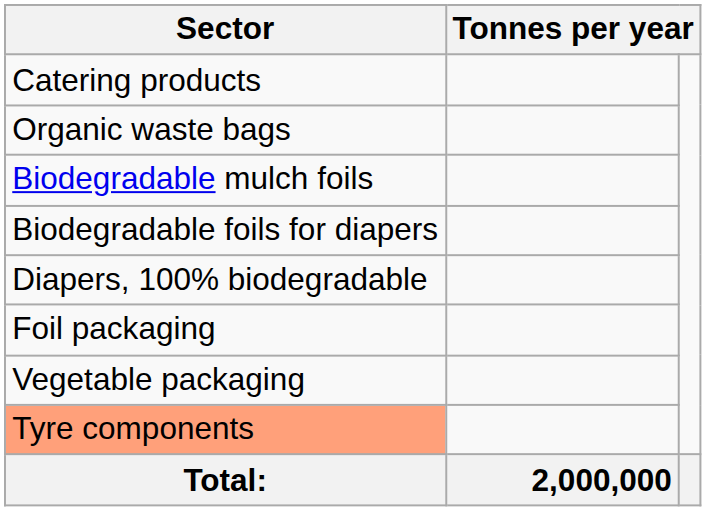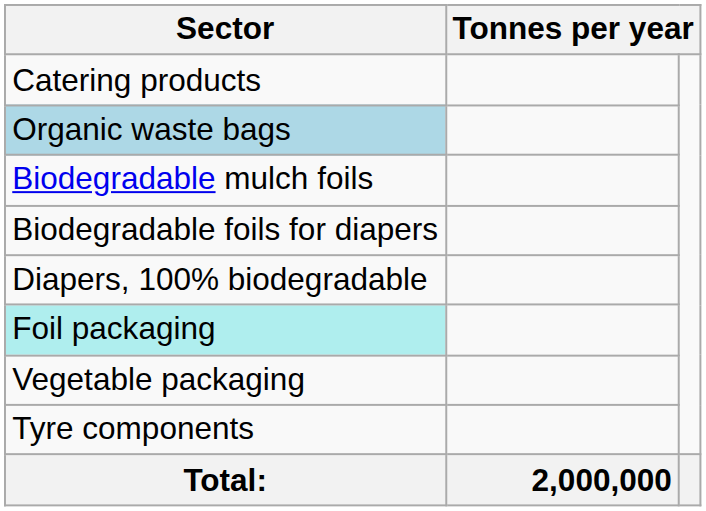 <table class="wikitable">
 <tr>
 <th>Sector</th>
 <th colspan="2">Tonnes per year</th>
 </tr>
 <tr>
 <td>Catering products</td>
 <td style="text-align:right;"></td>
 </tr>
 <tr>
-<td>Organic waste bags</td>
+<td style="background: lightblue;">Organic waste bags</td>
 <td style="text-align:right;"></td>
 </tr>
 <tr>
 <td><a href='#'>Biodegradable</a> mulch foils</td>
 <td style="text-align:right;"></td>
 </tr>
 <tr>
 <td>Biodegradable foils for diapers</td>
 <td style="text-align:right;"></td>
 </tr>
 <tr>
 <td>Diapers, 100% biodegradable</td>
 <td style="text-align:right;"></td>
 </tr>
 <tr>
-<td>Foil packaging</td>
+<td style="background: paleturquoise;">Foil packaging</td>
 <td style="text-align:right;"></td>
 </tr>
 <tr>
 <td>Vegetable packaging</td>
 <td style="text-align:right;"></td>
 </tr>
 <tr>
-<td style="background: lightsalmon;">Tyre components</td>
+<td>Tyre components</td>
 <td style="text-align:right;"></td>
 </tr>
 <tr>
 <th><strong>Total:</strong></th>
 <th style="text-align:right;">2,000,000</th>
 <th></th>
 </tr>
 </table>
